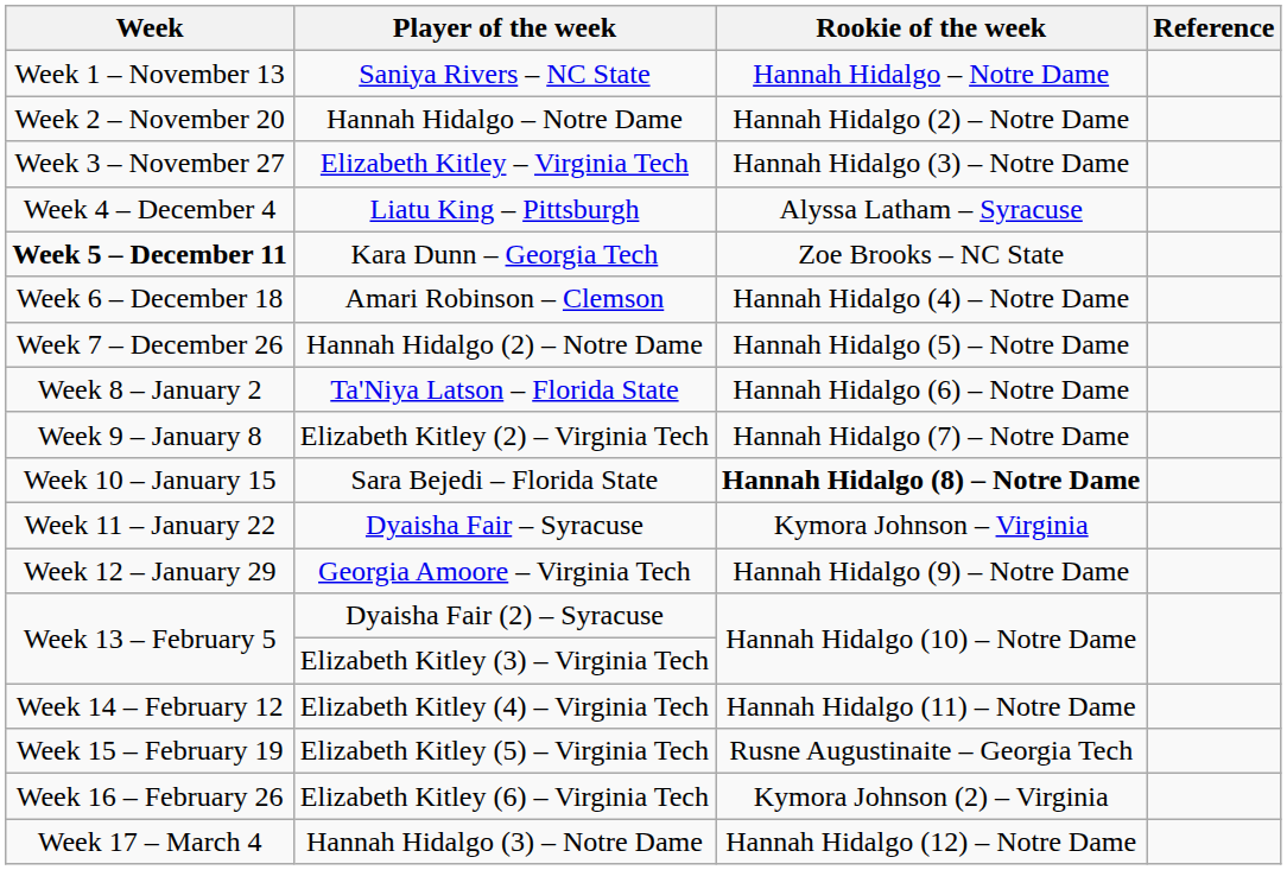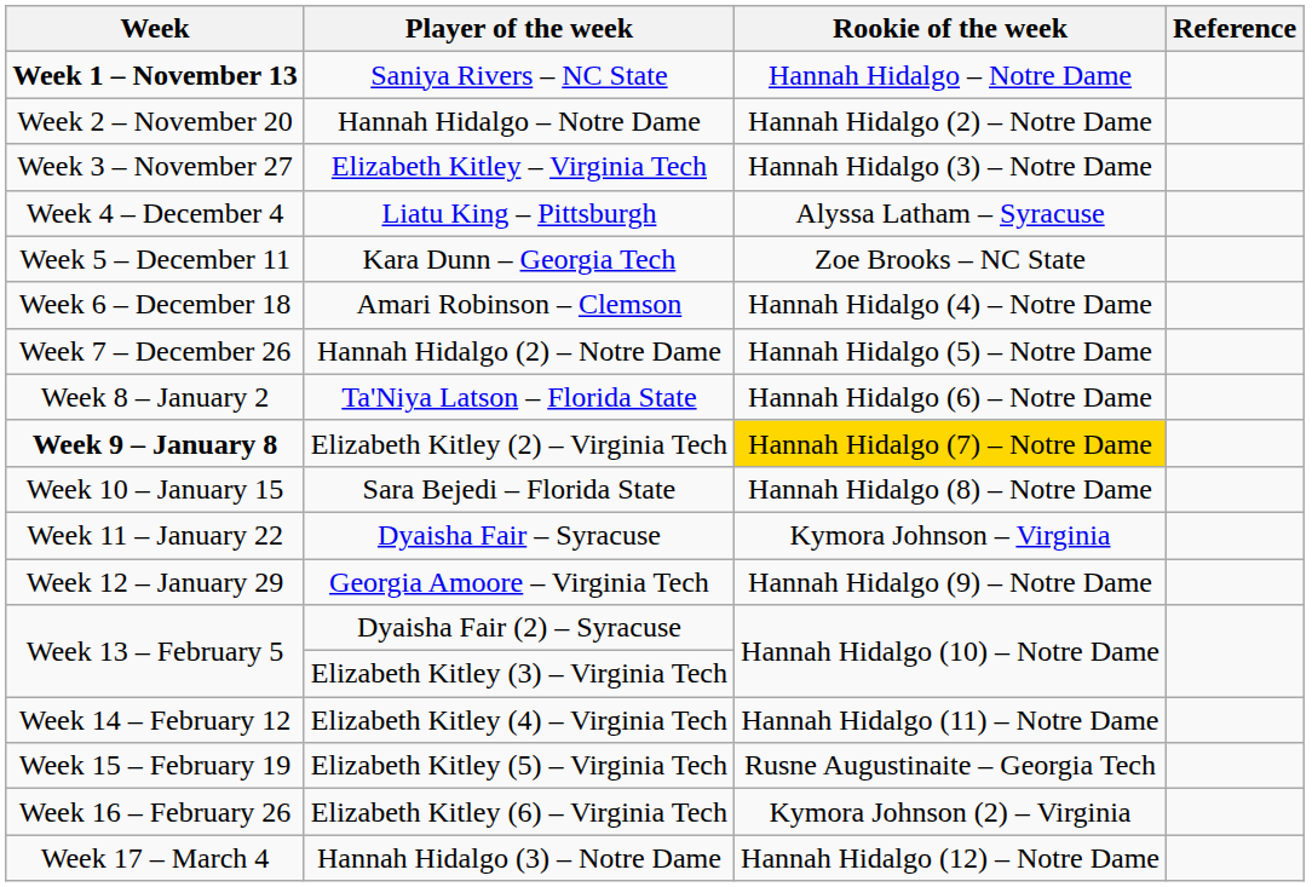 <table class="wikitable" border="1" style="text-align: center;">
 <tr>
 <th>Week</th>
 <th>Player of the week</th>
 <th>Rookie of the week</th>
 <th>Reference</th>
 </tr>
 <tr>
-<td>Week 1 – November 13</td>
+<td><strong>Week 1 – November 13</strong></td>
 <td><a href='#'>Saniya Rivers</a> – <a href='#'>NC State</a></td>
 <td><a href='#'>Hannah Hidalgo</a> – <a href='#'>Notre Dame</a></td>
 <td></td>
 </tr>
 <tr>
 <td>Week 2 – November 20</td>
 <td>Hannah Hidalgo – Notre Dame</td>
 <td>Hannah Hidalgo (2) – Notre Dame</td>
 <td></td>
 </tr>
 <tr>
 <td>Week 3 – November 27</td>
 <td><a href='#'>Elizabeth Kitley</a> – <a href='#'>Virginia Tech</a></td>
 <td>Hannah Hidalgo (3) – Notre Dame</td>
 <td></td>
 </tr>
 <tr>
 <td>Week 4 – December 4</td>
 <td><a href='#'>Liatu King</a> – <a href='#'>Pittsburgh</a></td>
 <td>Alyssa Latham – <a href='#'>Syracuse</a></td>
 <td></td>
 </tr>
 <tr>
-<td><strong>Week 5 – December 11</strong></td>
+<td>Week 5 – December 11</td>
 <td>Kara Dunn – <a href='#'>Georgia Tech</a></td>
 <td>Zoe Brooks – NC State</td>
 <td></td>
 </tr>
 <tr>
 <td>Week 6 – December 18</td>
 <td>Amari Robinson – <a href='#'>Clemson</a></td>
 <td>Hannah Hidalgo (4) – Notre Dame</td>
 <td></td>
 </tr>
 <tr>
 <td>Week 7 – December 26</td>
 <td>Hannah Hidalgo (2) – Notre Dame</td>
 <td>Hannah Hidalgo (5) – Notre Dame</td>
 <td></td>
 </tr>
 <tr>
 <td>Week 8 – January 2</td>
 <td><a href='#'>Ta'Niya Latson</a> – <a href='#'>Florida State</a></td>
 <td>Hannah Hidalgo (6) – Notre Dame</td>
 <td></td>
 </tr>
 <tr>
-<td>Week 9 – January 8</td>
+<td><strong>Week 9 – January 8</strong></td>
 <td>Elizabeth Kitley (2) – Virginia Tech</td>
-<td>Hannah Hidalgo (7) – Notre Dame</td>
+<td style="background: gold;">Hannah Hidalgo (7) – Notre Dame</td>
 <td></td>
 </tr>
 <tr>
 <td>Week 10 – January 15</td>
 <td>Sara Bejedi – Florida State</td>
-<td><strong>Hannah Hidalgo (8) – Notre Dame</strong></td>
+<td>Hannah Hidalgo (8) – Notre Dame</td>
 <td></td>
 </tr>
 <tr>
 <td>Week 11 – January 22</td>
 <td><a href='#'>Dyaisha Fair</a> – Syracuse</td>
 <td>Kymora Johnson – <a href='#'>Virginia</a></td>
 <td></td>
 </tr>
 <tr>
 <td>Week 12 – January 29</td>
 <td><a href='#'>Georgia Amoore</a> – Virginia Tech</td>
 <td>Hannah Hidalgo (9) – Notre Dame</td>
 <td></td>
 </tr>
 <tr>
 <td rowspan=2>Week 13 – February 5</td>
 <td>Dyaisha Fair (2) – Syracuse</td>
 <td rowspan=2>Hannah Hidalgo (10) – Notre Dame</td>
 <td rowspan=2></td>
 </tr>
 <tr>
 <td>Elizabeth Kitley (3) – Virginia Tech</td>
 </tr>
 <tr>
 <td>Week 14 – February 12</td>
 <td>Elizabeth Kitley (4) – Virginia Tech</td>
 <td>Hannah Hidalgo (11) – Notre Dame</td>
 <td></td>
 </tr>
 <tr>
 <td>Week 15 – February 19</td>
 <td>Elizabeth Kitley (5) – Virginia Tech</td>
 <td>Rusne Augustinaite – Georgia Tech</td>
 <td></td>
 </tr>
 <tr>
 <td>Week 16 – February 26</td>
 <td>Elizabeth Kitley (6) – Virginia Tech</td>
 <td>Kymora Johnson (2) – Virginia</td>
 <td></td>
 </tr>
 <tr>
 <td>Week 17 – March 4</td>
 <td>Hannah Hidalgo (3) – Notre Dame</td>
 <td>Hannah Hidalgo (12) – Notre Dame</td>
 <td></td>
 </tr>
 </table>
